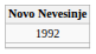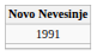 <table class="wikitable" style="margin: 0.5em auto; text-align: center;">
 <tr>
 <th colspan="1">Novo Nevesinje</th>
 </tr>
 <tr>
-<td>1992</td>
+<td>1991</td>
 </tr>
 <tr>
 <td></td>
 </tr>
 <tr>
 </tr>
 </table>
